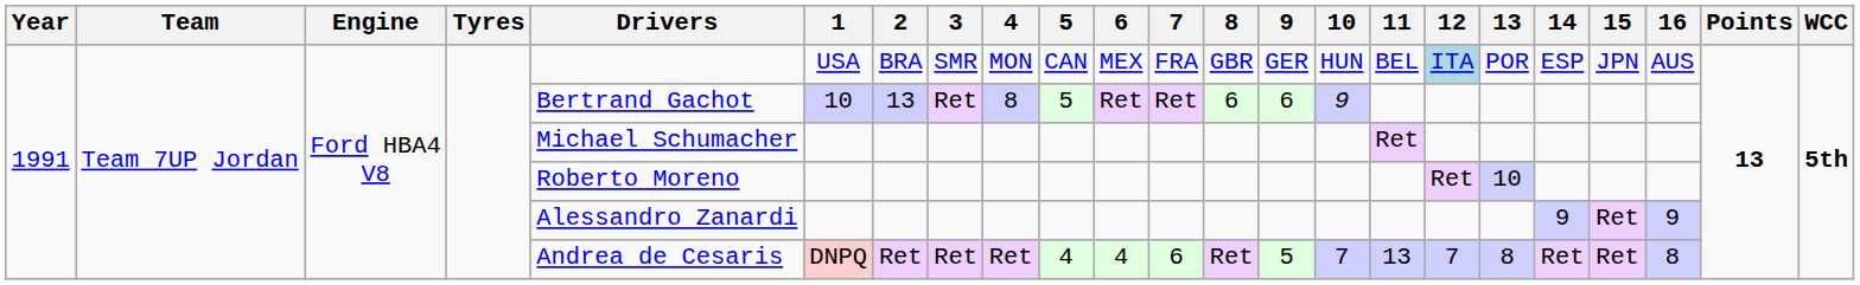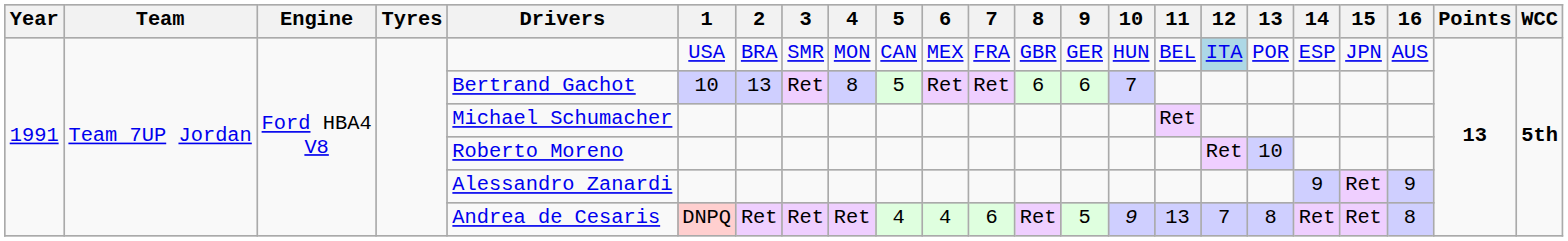 <table class="wikitable" style="text-align:center; font-size:95%">
 <tr>
 <th>Year</th>
 <th>Team</th>
 <th>Engine</th>
 <th>Tyres</th>
 <th>Drivers</th>
 <th>1</th>
 <th>2</th>
 <th>3</th>
 <th>4</th>
 <th>5</th>
 <th>6</th>
 <th>7</th>
 <th>8</th>
 <th>9</th>
 <th>10</th>
 <th>11</th>
 <th>12</th>
 <th>13</th>
 <th>14</th>
 <th>15</th>
 <th>16</th>
 <th>Points</th>
 <th>WCC</th>
 </tr>
 <tr>
 <td rowspan="6"><a href='#'>1991</a></td>
 <td rowspan="6"><a href='#'>Team 7UP</a> <a href='#'>Jordan</a></td>
 <td rowspan="6"><a href='#'>Ford</a> HBA4<br><a href='#'>V8</a></td>
 <td rowspan="6"></td>
 <td></td>
 <td><a href='#'>USA</a></td>
 <td><a href='#'>BRA</a></td>
 <td><a href='#'>SMR</a></td>
 <td><a href='#'>MON</a></td>
 <td><a href='#'>CAN</a></td>
 <td><a href='#'>MEX</a></td>
 <td><a href='#'>FRA</a></td>
 <td><a href='#'>GBR</a></td>
 <td><a href='#'>GER</a></td>
 <td><a href='#'>HUN</a></td>
 <td><a href='#'>BEL</a></td>
 <td style="background: lightblue;"><a href='#'>ITA</a></td>
 <td><a href='#'>POR</a></td>
 <td><a href='#'>ESP</a></td>
 <td><a href='#'>JPN</a></td>
 <td><a href='#'>AUS</a></td>
 <td rowspan="6"><strong>13</strong></td>
 <td rowspan="6"><strong>5th</strong></td>
 </tr>
 <tr>
 <td align="left"><a href='#'>Bertrand Gachot</a></td>
 <td style="background:#cfcfff;">10</td>
 <td style="background:#cfcfff;">13</td>
 <td style="background:#efcfff;">Ret</td>
 <td style="background:#cfcfff;">8</td>
 <td style="background:#dfffdf;">5</td>
 <td style="background:#efcfff;">Ret</td>
 <td style="background:#efcfff;">Ret</td>
 <td style="background:#dfffdf;">6</td>
 <td style="background:#dfffdf;">6</td>
-<td style="background:#cfcfff;"><em>9</em></td>
+<td style="background:#cfcfff;">7</td>
 <td></td>
 <td></td>
 <td></td>
 <td></td>
 <td></td>
 <td></td>
 </tr>
 <tr>
 <td align="left"><a href='#'>Michael Schumacher</a></td>
 <td></td>
 <td></td>
 <td></td>
 <td></td>
 <td></td>
 <td></td>
 <td></td>
 <td></td>
 <td></td>
 <td></td>
 <td style="background:#efcfff;">Ret</td>
 <td></td>
 <td></td>
 <td></td>
 <td></td>
 <td></td>
 </tr>
 <tr>
 <td align="left"><a href='#'>Roberto Moreno</a></td>
 <td></td>
 <td></td>
 <td></td>
 <td></td>
 <td></td>
 <td></td>
 <td></td>
 <td></td>
 <td></td>
 <td></td>
 <td></td>
 <td style="background:#efcfff;">Ret</td>
 <td style="background:#cfcfff;">10</td>
 <td></td>
 <td></td>
 <td></td>
 </tr>
 <tr>
 <td align="left"><a href='#'>Alessandro Zanardi</a></td>
 <td></td>
 <td></td>
 <td></td>
 <td></td>
 <td></td>
 <td></td>
 <td></td>
 <td></td>
 <td></td>
 <td></td>
 <td></td>
 <td></td>
 <td></td>
 <td style="background:#cfcfff;">9</td>
 <td style="background:#efcfff;">Ret</td>
 <td style="background:#cfcfff;">9</td>
 </tr>
 <tr>
 <td align="left"><a href='#'>Andrea de Cesaris</a></td>
 <td style="background:#ffcfcf;">DNPQ</td>
 <td style="background:#efcfff;">Ret</td>
 <td style="background:#efcfff;">Ret</td>
 <td style="background:#efcfff;">Ret</td>
 <td style="background:#dfffdf;">4</td>
 <td style="background:#dfffdf;">4</td>
 <td style="background:#dfffdf;">6</td>
 <td style="background:#efcfff;">Ret</td>
 <td style="background:#dfffdf;">5</td>
-<td style="background:#cfcfff;">7</td>
+<td style="background:#cfcfff;"><em>9</em></td>
 <td style="background:#cfcfff;">13</td>
 <td style="background:#cfcfff;">7</td>
 <td style="background:#cfcfff;">8</td>
 <td style="background:#efcfff;">Ret</td>
 <td style="background:#efcfff;">Ret</td>
 <td style="background:#cfcfff;">8</td>
 </tr>
 </table>
